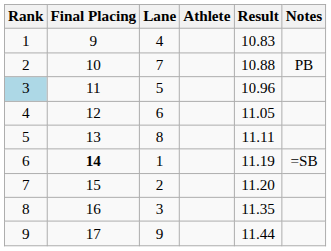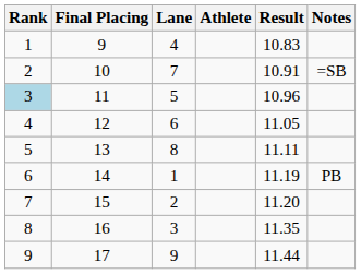 <table class="wikitable sortable" style="text-align:center">
 <tr>
 <th>Rank</th>
 <th>Final Placing</th>
 <th>Lane</th>
 <th>Athlete</th>
 <th>Result</th>
 <th>Notes</th>
 </tr>
 <tr>
 <td>1</td>
 <td>9</td>
 <td>4</td>
 <td align=left></td>
 <td>10.83</td>
 <td></td>
 </tr>
 <tr>
 <td>2</td>
 <td>10</td>
 <td>7</td>
 <td align=left></td>
-<td>10.88</td>
-<td>PB</td>
+<td>10.91</td>
+<td>=SB</td>
 </tr>
 <tr>
 <td style="background: lightblue;">3</td>
 <td>11</td>
 <td>5</td>
 <td align=left></td>
 <td>10.96</td>
 <td></td>
 </tr>
 <tr>
 <td>4</td>
 <td>12</td>
 <td>6</td>
 <td align=left></td>
 <td>11.05</td>
 <td></td>
 </tr>
 <tr>
 <td>5</td>
 <td>13</td>
 <td>8</td>
 <td align=left></td>
 <td>11.11</td>
 <td></td>
 </tr>
 <tr>
 <td>6</td>
-<td><strong>14</strong></td>
+<td>14</td>
 <td>1</td>
 <td align=left></td>
 <td>11.19</td>
-<td>=SB</td>
+<td>PB</td>
 </tr>
 <tr>
 <td>7</td>
 <td>15</td>
 <td>2</td>
 <td align=left></td>
 <td>11.20</td>
 <td></td>
 </tr>
 <tr>
 <td>8</td>
 <td>16</td>
 <td>3</td>
 <td align=left></td>
 <td>11.35</td>
 <td></td>
 </tr>
 <tr>
 <td>9</td>
 <td>17</td>
 <td>9</td>
 <td align=left></td>
 <td>11.44</td>
 <td></td>
 </tr>
 </table>
